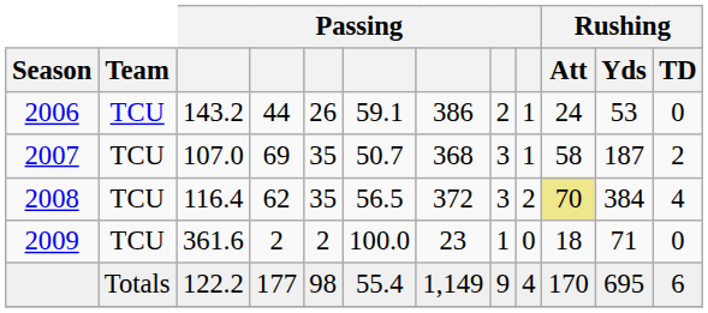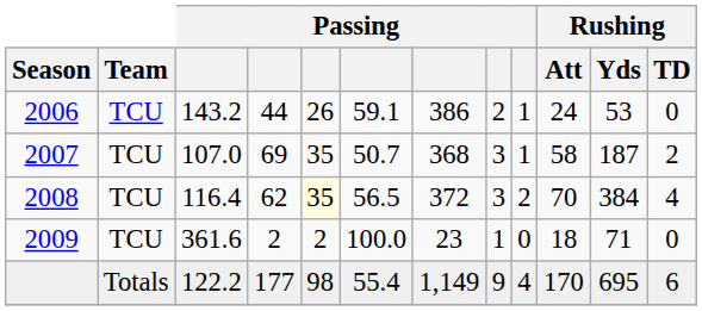 <table class="wikitable" style="text-align:center">
 <tr>
 <th colspan="2" style="background:#fff; border-color:#fff #fff #aaa #fff"> </th>
 <th colspan="7">Passing</th>
 <th colspan="3">Rushing</th>
 </tr>
 <tr>
 <th>Season</th>
 <th>Team</th>
 <th></th>
 <th></th>
 <th></th>
 <th></th>
 <th></th>
 <th></th>
 <th></th>
 <th align="center">Att</th>
 <th>Yds</th>
 <th>TD</th>
 </tr>
 <tr>
 <td><a href='#'>2006</a></td>
 <td><a href='#'>TCU</a></td>
 <td>143.2</td>
 <td>44</td>
 <td>26</td>
 <td>59.1</td>
 <td>386</td>
 <td>2</td>
 <td>1</td>
 <td>24</td>
 <td>53</td>
 <td>0</td>
 </tr>
 <tr>
 <td><a href='#'>2007</a></td>
 <td>TCU</td>
 <td>107.0</td>
 <td>69</td>
 <td>35</td>
 <td>50.7</td>
 <td>368</td>
 <td>3</td>
 <td>1</td>
 <td>58</td>
 <td>187</td>
 <td>2</td>
 </tr>
 <tr>
 <td><a href='#'>2008</a></td>
 <td>TCU</td>
 <td>116.4</td>
 <td>62</td>
-<td>35</td>
+<td style="background: lightyellow;">35</td>
 <td>56.5</td>
 <td>372</td>
 <td>3</td>
 <td>2</td>
-<td style="background: khaki;">70</td>
+<td>70</td>
 <td>384</td>
 <td>4</td>
 </tr>
 <tr>
 <td><a href='#'>2009</a></td>
 <td>TCU</td>
 <td>361.6</td>
 <td>2</td>
 <td>2</td>
 <td>100.0</td>
 <td>23</td>
 <td>1</td>
 <td>0</td>
 <td>18</td>
 <td>71</td>
 <td>0</td>
 </tr>
 <tr style="background:#f0f0f0;">
 <td></td>
 <td>Totals</td>
 <td>122.2</td>
 <td>177</td>
 <td>98</td>
 <td>55.4</td>
 <td>1,149</td>
 <td>9</td>
 <td>4</td>
 <td>170</td>
 <td>695</td>
 <td>6</td>
 </tr>
 <tr>
 </tr>
 </table>
